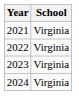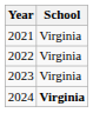 <table class="wikitable">
 <tr>
 <th>Year</th>
 <th>School</th>
 </tr>
 <tr>
 <td>2021</td>
 <td>Virginia</td>
 </tr>
 <tr>
 <td>2022</td>
 <td>Virginia</td>
 </tr>
 <tr>
 <td>2023</td>
 <td>Virginia</td>
 </tr>
 <tr>
 <td>2024</td>
-<td>Virginia</td>
+<td><strong>Virginia</strong></td>
 </tr>
 </table>
